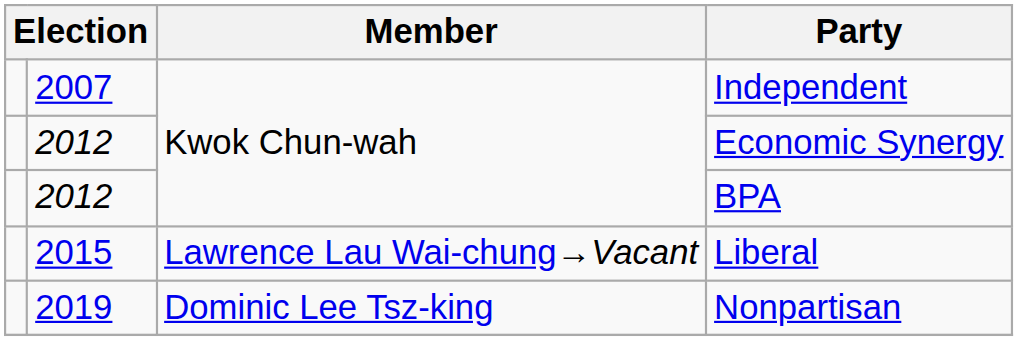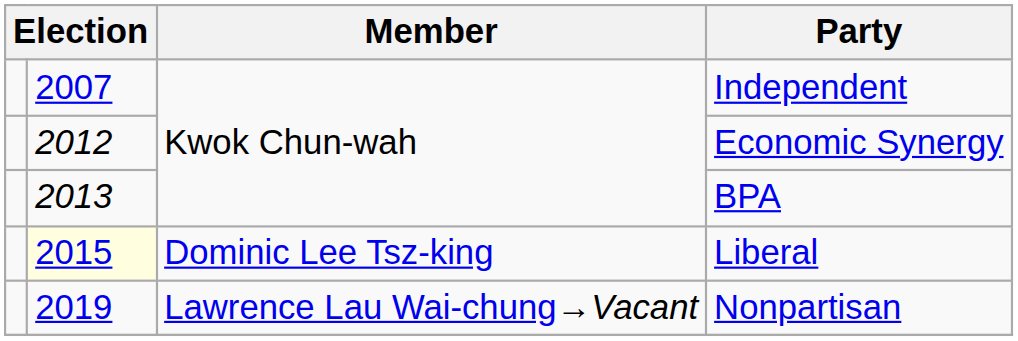 <table class="wikitable">
 <tr>
 <th colspan="2">Election</th>
 <th>Member</th>
 <th>Party</th>
 </tr>
 <tr>
 <td style="background-color: "></td>
 <td><a href='#'>2007</a></td>
 <td rowspan=3>Kwok Chun-wah</td>
 <td><a href='#'>Independent</a></td>
 </tr>
 <tr>
 <td style="background-color: "></td>
 <td><em>2012</em></td>
 <td><a href='#'>Economic Synergy</a></td>
 </tr>
 <tr>
 <td style="background-color: "></td>
-<td><em>2012</em></td>
+<td><em>2013</em></td>
 <td><a href='#'>BPA</a></td>
 </tr>
 <tr>
 <td style="background-color: "></td>
-<td><a href='#'>2015</a></td>
-<td><a href='#'>Lawrence Lau Wai-chung</a>→<em>Vacant</em></td>
+<td style="background: lightyellow;"><a href='#'>2015</a></td>
+<td><a href='#'>Dominic Lee Tsz-king</a></td>
 <td><a href='#'>Liberal</a></td>
 </tr>
 <tr>
 <td style="background-color: "></td>
 <td><a href='#'>2019</a></td>
-<td><a href='#'>Dominic Lee Tsz-king</a></td>
+<td><a href='#'>Lawrence Lau Wai-chung</a>→<em>Vacant</em></td>
 <td><a href='#'>Nonpartisan</a></td>
 </tr>
 <tr>
 </tr>
 </table>
